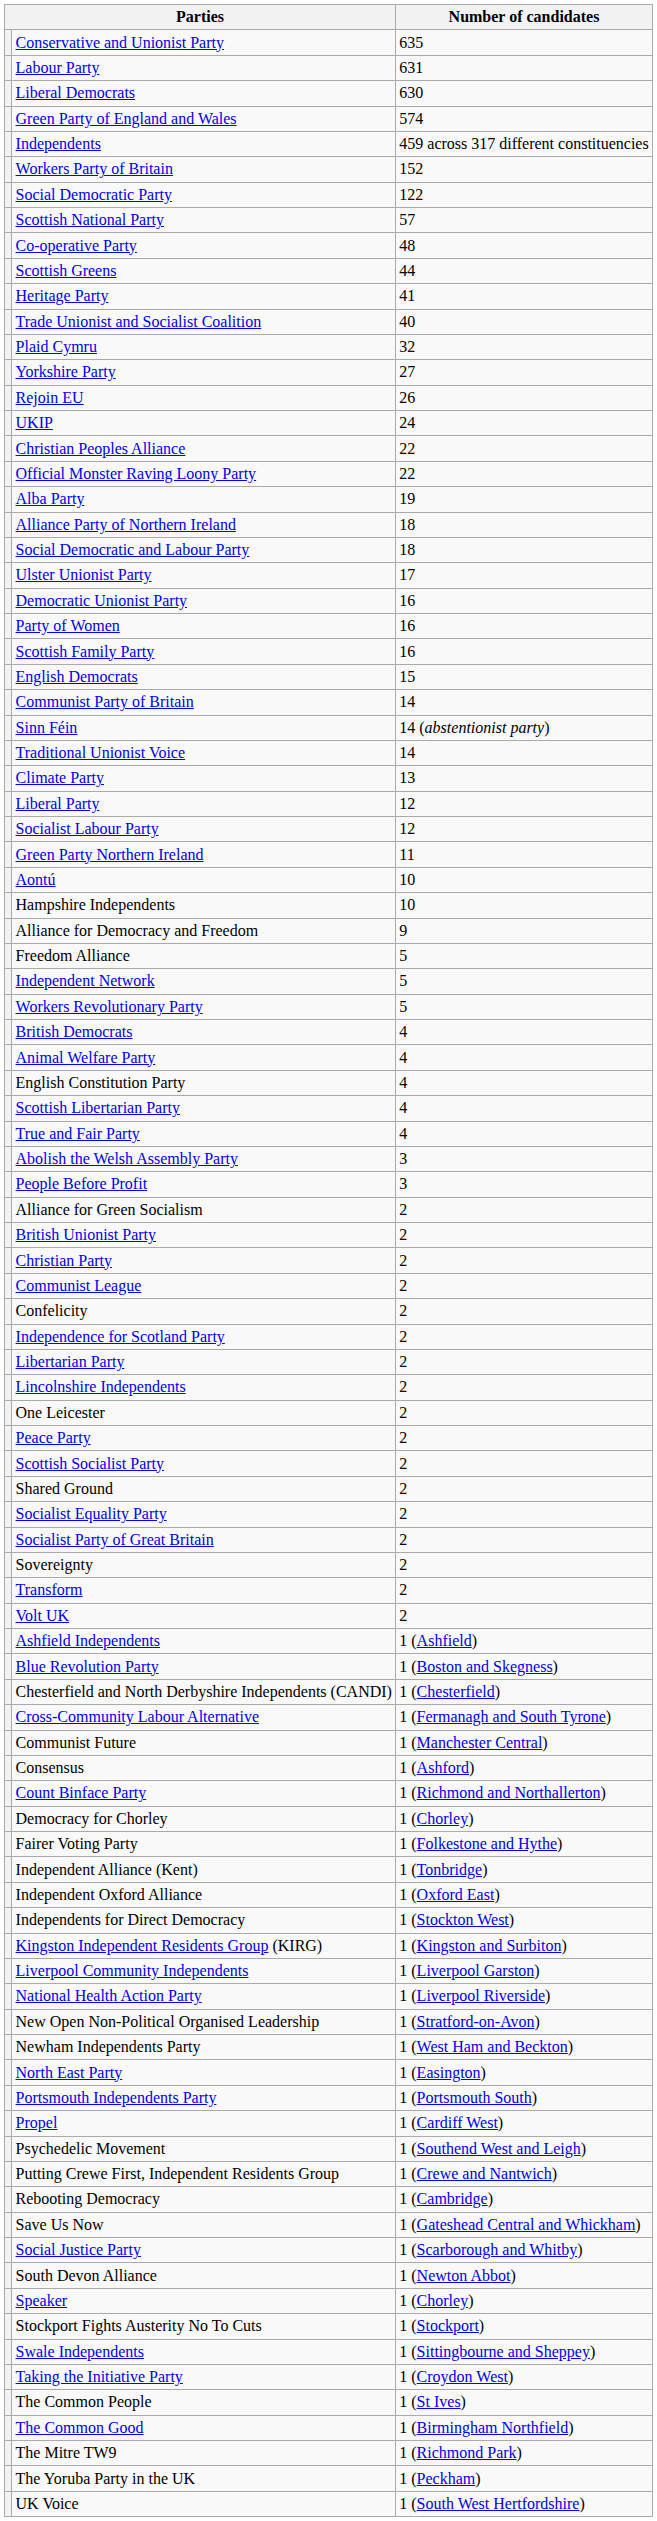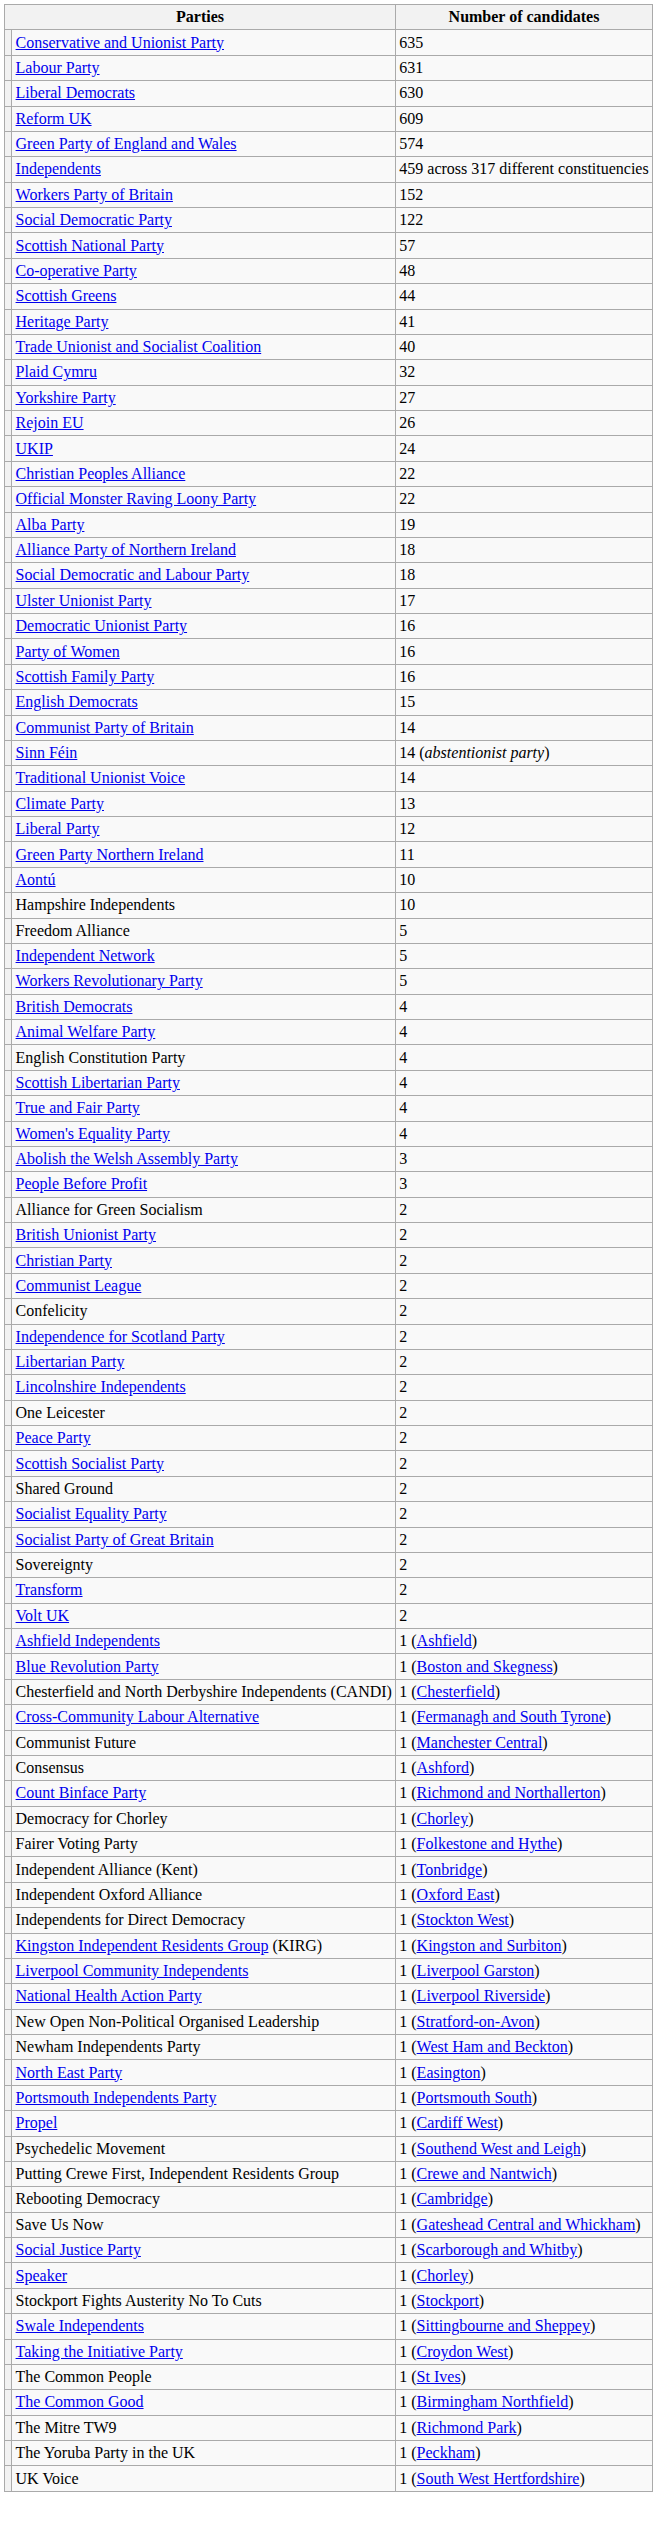 <table class="wikitable sortable">
 <tr>
 <th colspan="2" class="unsortable">Parties</th>
 <th colspan="1">Number of candidates</th>
 </tr>
 <tr>
 <th class="unsortable" style="background-color: "></th>
 <td><a href='#'>Conservative and Unionist Party</a></td>
 <td>635</td>
 </tr>
 <tr>
 <th class="unsortable" style="background-color: "></th>
 <td><a href='#'>Labour Party</a></td>
 <td>631</td>
 </tr>
 <tr>
 <th class="unsortable" style="background-color: "></th>
 <td><a href='#'>Liberal Democrats</a></td>
 <td>630</td>
+</tr>
+<tr>
+<th class="unsortable" style="background-color: "></th>
+<td><a href='#'>Reform UK</a></td>
+<td>609</td>
 </tr>
 <tr>
 <th class="unsortable" style="background-color: "></th>
 <td><a href='#'>Green Party of England and Wales</a></td>
 <td>574</td>
 </tr>
 <tr>
 <th class="unsortable" style="background-color: "></th>
 <td><a href='#'>Independents</a></td>
 <td>459 across 317 different constituencies</td>
 </tr>
 <tr>
 <th class="unsortable" style="background-color: "></th>
 <td><a href='#'>Workers Party of Britain</a></td>
 <td>152</td>
 </tr>
 <tr>
 <th class="unsortable" style="background-color: "></th>
 <td><a href='#'>Social Democratic Party</a></td>
 <td>122</td>
 </tr>
 <tr>
 <th class="unsortable" style="background-color: "></th>
 <td><a href='#'>Scottish National Party</a></td>
 <td>57</td>
 </tr>
 <tr>
 <th class="unsortable" style="background-color: "></th>
 <td><a href='#'>Co-operative Party</a></td>
 <td>48</td>
 </tr>
 <tr>
 <th class="unsortable" style="background-color: "></th>
 <td><a href='#'>Scottish Greens</a></td>
 <td>44</td>
 </tr>
 <tr>
 <th class="unsortable" style="background-color: "></th>
 <td><a href='#'>Heritage Party</a></td>
 <td>41</td>
 </tr>
 <tr>
 <th class="unsortable" style="background-color: "></th>
 <td><a href='#'>Trade Unionist and Socialist Coalition</a></td>
 <td>40</td>
 </tr>
 <tr>
 <th class="unsortable" style="background-color: "></th>
 <td><a href='#'>Plaid Cymru</a></td>
 <td>32</td>
 </tr>
 <tr>
 <th class="unsortable" style="background-color: "></th>
 <td><a href='#'>Yorkshire Party</a></td>
 <td>27</td>
 </tr>
 <tr>
 <th class="unsortable" style="background-color: "></th>
 <td><a href='#'>Rejoin EU</a></td>
 <td>26</td>
 </tr>
 <tr>
 <th class="unsortable" style="background-color: "></th>
 <td><a href='#'>UKIP</a></td>
 <td>24</td>
 </tr>
 <tr>
 <th class="unsortable" style="background-color: "></th>
 <td><a href='#'>Christian Peoples Alliance</a></td>
 <td>22</td>
 </tr>
 <tr>
 <th class="unsortable" style="background-color: "></th>
 <td><a href='#'>Official Monster Raving Loony Party</a></td>
 <td>22</td>
 </tr>
 <tr>
 <th class="unsortable" style="background-color: "></th>
 <td><a href='#'>Alba Party</a></td>
 <td>19</td>
 </tr>
 <tr>
 <th class="unsortable" style="background-color: "></th>
 <td><a href='#'>Alliance Party of Northern Ireland</a></td>
 <td>18</td>
 </tr>
 <tr>
 <th class="unsortable" style="background-color: "></th>
 <td><a href='#'>Social Democratic and Labour Party</a></td>
 <td>18</td>
 </tr>
 <tr>
 <th class="unsortable" style="background-color: "></th>
 <td><a href='#'>Ulster Unionist Party</a></td>
 <td>17</td>
 </tr>
 <tr>
 <th class="unsortable" style="background-color: "></th>
 <td><a href='#'>Democratic Unionist Party</a></td>
 <td>16</td>
 </tr>
 <tr>
 <th class="unsortable" style="background-color: "></th>
 <td><a href='#'>Party of Women</a></td>
 <td>16</td>
 </tr>
 <tr>
 <th class="unsortable" style="background-color: "></th>
 <td><a href='#'>Scottish Family Party</a></td>
 <td>16</td>
 </tr>
 <tr>
 <th class="unsortable" style="background-color: "></th>
 <td><a href='#'>English Democrats</a></td>
 <td>15</td>
 </tr>
 <tr>
 <th class="unsortable" style="background-color: "></th>
 <td><a href='#'>Communist Party of Britain</a></td>
 <td>14</td>
 </tr>
 <tr>
 <th class="unsortable" style="background-color: "></th>
 <td><a href='#'>Sinn Féin</a></td>
 <td>14 (<em>abstentionist party</em>)</td>
 </tr>
 <tr>
 <th class="unsortable" style="background-color: "></th>
 <td><a href='#'>Traditional Unionist Voice</a></td>
 <td>14</td>
 </tr>
 <tr>
 <th class="unsortable" style="background-color: "></th>
 <td><a href='#'>Climate Party</a></td>
 <td>13</td>
 </tr>
 <tr>
 <th class="unsortable" style="background-color: "></th>
 <td><a href='#'>Liberal Party</a></td>
 <td>12</td>
 </tr>
 <tr>
 <th class="unsortable" style="background-color: "></th>
-<td><a href='#'>Socialist Labour Party</a></td>
-<td>12</td>
-</tr>
-<tr>
-<th class="unsortable" style="background-color: "></th>
 <td><a href='#'>Green Party Northern Ireland</a></td>
 <td>11</td>
 </tr>
 <tr>
 <th class="unsortable" style="background-color: "></th>
 <td><a href='#'>Aontú</a></td>
 <td>10</td>
 </tr>
 <tr>
 <th class="unsortable" style="background-color: "></th>
 <td>Hampshire Independents</td>
 <td>10</td>
-</tr>
-<tr>
-<th class="unsortable" style="background-color: "></th>
-<td>Alliance for Democracy and Freedom</td>
-<td>9</td>
 </tr>
 <tr>
 <th class="unsortable" style="background-color: "></th>
 <td>Freedom Alliance</td>
 <td>5</td>
 </tr>
 <tr>
 <th class="unsortable" style="background-color: "></th>
 <td><a href='#'>Independent Network</a></td>
 <td>5</td>
 </tr>
 <tr>
 <th class="unsortable" style="background-color: "></th>
 <td><a href='#'>Workers Revolutionary Party</a></td>
 <td>5</td>
 </tr>
 <tr>
 <th class="unsortable" style="background-color: "></th>
 <td><a href='#'>British Democrats</a></td>
 <td>4</td>
 </tr>
 <tr>
 <th class="unsortable" style="background-color: "></th>
 <td><a href='#'>Animal Welfare Party</a></td>
 <td>4</td>
 </tr>
 <tr>
 <th class="unsortable" style="background-color: "></th>
 <td>English Constitution Party</td>
 <td>4</td>
 </tr>
 <tr>
 <th class="unsortable" style="background-color: "></th>
 <td><a href='#'>Scottish Libertarian Party</a></td>
 <td>4</td>
 </tr>
 <tr>
 <th class="unsortable" style="background-color: "></th>
 <td><a href='#'>True and Fair Party</a></td>
+<td>4</td>
+</tr>
+<tr>
+<th class="unsortable" style="background-color: "></th>
+<td><a href='#'>Women's Equality Party</a></td>
 <td>4</td>
 </tr>
 <tr>
 <th class="unsortable" style="background-color: "></th>
 <td><a href='#'>Abolish the Welsh Assembly Party</a></td>
 <td>3</td>
 </tr>
 <tr>
 <th class="unsortable" style="background-color: "></th>
 <td><a href='#'>People Before Profit</a></td>
 <td>3</td>
 </tr>
 <tr>
 <th class="unsortable" style="background-color: "></th>
 <td>Alliance for Green Socialism</td>
 <td>2</td>
 </tr>
 <tr>
 <th class="unsortable" style="background-color: "></th>
 <td><a href='#'>British Unionist Party</a></td>
 <td>2</td>
 </tr>
 <tr>
 <th class="unsortable" style="background-color: "></th>
 <td><a href='#'>Christian Party</a></td>
 <td>2</td>
 </tr>
 <tr>
 <th class="unsortable" style="background-color: "></th>
 <td><a href='#'>Communist League</a></td>
 <td>2</td>
 </tr>
 <tr>
 <th class="unsortable" style="background-color: "></th>
 <td>Confelicity</td>
 <td>2</td>
 </tr>
 <tr>
 <th class="unsortable" style="background-color: "></th>
 <td><a href='#'>Independence for Scotland Party</a></td>
 <td>2</td>
 </tr>
 <tr>
 <th class="unsortable" style="background-color: "></th>
 <td><a href='#'>Libertarian Party</a></td>
 <td>2</td>
 </tr>
 <tr>
 <th class="unsortable" style="background-color: "></th>
 <td><a href='#'>Lincolnshire Independents</a></td>
 <td>2</td>
 </tr>
 <tr>
 <th class="unsortable" style="background-color: "></th>
 <td>One Leicester</td>
 <td>2</td>
 </tr>
 <tr>
 <th class="unsortable" style="background-color: "></th>
 <td><a href='#'>Peace Party</a></td>
 <td>2</td>
 </tr>
 <tr>
 <th class="unsortable" style="background-color: "></th>
 <td><a href='#'>Scottish Socialist Party</a></td>
 <td>2</td>
 </tr>
 <tr>
 <th class="unsortable" style="background-color: "></th>
 <td>Shared Ground</td>
 <td>2</td>
 </tr>
 <tr>
 <th class="unsortable" style="background-color: "></th>
 <td><a href='#'>Socialist Equality Party</a></td>
 <td>2</td>
 </tr>
 <tr>
 <th class="unsortable" style="background-color: "></th>
 <td><a href='#'>Socialist Party of Great Britain</a></td>
 <td>2</td>
 </tr>
 <tr>
 <th class="unsortable" style="background-color: "></th>
 <td>Sovereignty</td>
 <td>2</td>
 </tr>
 <tr>
 <th class="unsortable" style="background-color: "></th>
 <td><a href='#'>Transform</a></td>
 <td>2</td>
 </tr>
 <tr>
 <th class="unsortable" style="background-color: "></th>
 <td><a href='#'>Volt UK</a></td>
 <td>2</td>
 </tr>
 <tr>
 <th class="unsortable" style="background-color: "></th>
 <td><a href='#'>Ashfield Independents</a></td>
 <td>1 (<a href='#'>Ashfield</a>)</td>
 </tr>
 <tr>
 <th class="unsortable" style="background-color: "></th>
 <td><a href='#'>Blue Revolution Party</a></td>
 <td>1 (<a href='#'>Boston and Skegness</a>)</td>
 </tr>
 <tr>
 <th class="unsortable" style="background-color: "></th>
 <td>Chesterfield and North Derbyshire Independents (CANDI)</td>
 <td>1 (<a href='#'>Chesterfield</a>)</td>
 </tr>
 <tr>
 <th class="unsortable" style="background-color: "></th>
 <td><a href='#'>Cross-Community Labour Alternative</a></td>
 <td>1 (<a href='#'>Fermanagh and South Tyrone</a>)</td>
 </tr>
 <tr>
 <th class="unsortable" style="background-color: "></th>
 <td>Communist Future</td>
 <td>1 (<a href='#'>Manchester Central</a>)</td>
 </tr>
 <tr>
 <th class="unsortable" style="background-color: "></th>
 <td>Consensus</td>
 <td>1 (<a href='#'>Ashford</a>)</td>
 </tr>
 <tr>
 <th class="unsortable" style="background-color: "></th>
 <td><a href='#'>Count Binface Party</a></td>
 <td>1 (<a href='#'>Richmond and Northallerton</a>)</td>
 </tr>
 <tr>
 <th class="unsortable" style="background-color: "></th>
 <td>Democracy for Chorley</td>
 <td>1 (<a href='#'>Chorley</a>)</td>
 </tr>
 <tr>
 <th class="unsortable" style="background-color: "></th>
 <td>Fairer Voting Party</td>
 <td>1 (<a href='#'>Folkestone and Hythe</a>)</td>
 </tr>
 <tr>
 <th class="unsortable" style="background-color: "></th>
 <td>Independent Alliance (Kent)</td>
 <td>1 (<a href='#'>Tonbridge</a>)</td>
 </tr>
 <tr>
 <th class="unsortable" style="background-color: "></th>
 <td>Independent Oxford Alliance</td>
 <td>1 (<a href='#'>Oxford East</a>)</td>
 </tr>
 <tr>
 <th class="unsortable" style="background-color: "></th>
 <td>Independents for Direct Democracy</td>
 <td>1 (<a href='#'>Stockton West</a>)</td>
 </tr>
 <tr>
 <th class="unsortable" style="background-color: "></th>
 <td><a href='#'>Kingston Independent Residents Group</a> (KIRG)</td>
 <td>1 (<a href='#'>Kingston and Surbiton</a>)</td>
 </tr>
 <tr>
 <th class="unsortable" style="background-color: "></th>
 <td><a href='#'>Liverpool Community Independents</a></td>
 <td>1 (<a href='#'>Liverpool Garston</a>)</td>
 </tr>
 <tr>
 <th class="unsortable" style="background-color: "></th>
 <td><a href='#'>National Health Action Party</a></td>
 <td>1 (<a href='#'>Liverpool Riverside</a>)</td>
 </tr>
 <tr>
 <th class="unsortable" style="background-color: "></th>
 <td>New Open Non-Political Organised Leadership</td>
 <td>1 (<a href='#'>Stratford-on-Avon</a>)</td>
 </tr>
 <tr>
 <th class="unsortable" style="background-color: "></th>
 <td>Newham Independents Party</td>
 <td>1 (<a href='#'>West Ham and Beckton</a>)</td>
 </tr>
 <tr>
 <th class="unsortable" style="background-color: "></th>
 <td><a href='#'>North East Party</a></td>
 <td>1 (<a href='#'>Easington</a>)</td>
 </tr>
 <tr>
 <th class="unsortable" style="background-color: "></th>
 <td><a href='#'>Portsmouth Independents Party</a></td>
 <td>1 (<a href='#'>Portsmouth South</a>)</td>
 </tr>
 <tr>
 <th class="unsortable" style="background-color: "></th>
 <td><a href='#'>Propel</a></td>
 <td>1 (<a href='#'>Cardiff West</a>)</td>
 </tr>
 <tr>
 <th class="unsortable" style="background-color: "></th>
 <td>Psychedelic Movement</td>
 <td>1 (<a href='#'>Southend West and Leigh</a>)</td>
 </tr>
 <tr>
 <th class="unsortable" style="background-color: "></th>
 <td>Putting Crewe First, Independent Residents Group</td>
 <td>1 (<a href='#'>Crewe and Nantwich</a>)</td>
 </tr>
 <tr>
 <th class="unsortable" style="background-color: "></th>
 <td>Rebooting Democracy</td>
 <td>1 (<a href='#'>Cambridge</a>)</td>
 </tr>
 <tr>
 <th class="unsortable" style="background-color: "></th>
 <td>Save Us Now</td>
 <td>1 (<a href='#'>Gateshead Central and Whickham</a>)</td>
 </tr>
 <tr>
 <th class="unsortable" style="background-color: "></th>
 <td><a href='#'>Social Justice Party</a></td>
 <td>1 (<a href='#'>Scarborough and Whitby</a>)</td>
 </tr>
 <tr>
 <th class="unsortable" style="background-color: "></th>
-<td>South Devon Alliance</td>
-<td>1 (<a href='#'>Newton Abbot</a>)</td>
-</tr>
-<tr>
-<th class="unsortable" style="background-color: "></th>
 <td><a href='#'>Speaker</a></td>
 <td>1 (<a href='#'>Chorley</a>)</td>
 </tr>
 <tr>
 <th class="unsortable" style="background-color: "></th>
 <td>Stockport Fights Austerity No To Cuts</td>
 <td>1 (<a href='#'>Stockport</a>)</td>
 </tr>
 <tr>
 <th class="unsortable" style="background-color: "></th>
 <td><a href='#'>Swale Independents</a></td>
 <td>1 (<a href='#'>Sittingbourne and Sheppey</a>)</td>
 </tr>
 <tr>
 <th class="unsortable" style="background-color: "></th>
 <td><a href='#'>Taking the Initiative Party</a></td>
 <td>1 (<a href='#'>Croydon West</a>)</td>
 </tr>
 <tr>
 <th class="unsortable" style="background-color: "></th>
 <td>The Common People</td>
 <td>1 (<a href='#'>St Ives</a>)</td>
 </tr>
 <tr>
 <th class="unsortable" style="background-color: "></th>
 <td><a href='#'>The Common Good</a></td>
 <td>1 (<a href='#'>Birmingham Northfield</a>)</td>
 </tr>
 <tr>
 <th class="unsortable" style="background-color: "></th>
 <td>The Mitre TW9</td>
 <td>1 (<a href='#'>Richmond Park</a>)</td>
 </tr>
 <tr>
 <th class="unsortable" style="background-color: "></th>
 <td>The Yoruba Party in the UK</td>
 <td>1 (<a href='#'>Peckham</a>)</td>
 </tr>
 <tr>
 <th class="unsortable" style="background-color: "></th>
 <td>UK Voice</td>
 <td>1 (<a href='#'>South West Hertfordshire</a>)</td>
 </tr>
 </table>
